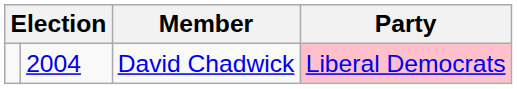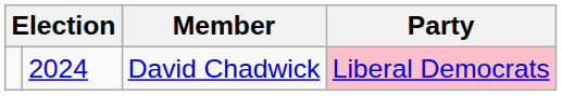 <table class="wikitable">
 <tr>
 <th colspan="2">Election</th>
 <th>Member</th>
 <th>Party</th>
 </tr>
 <tr>
 <td style="color:inherit;background-color: "></td>
-<td><a href='#'>2004</a></td>
+<td><a href='#'>2024</a></td>
 <td><a href='#'>David Chadwick</a></td>
 <td style="background: pink;"><a href='#'>Liberal Democrats</a></td>
 </tr>
 </table>
